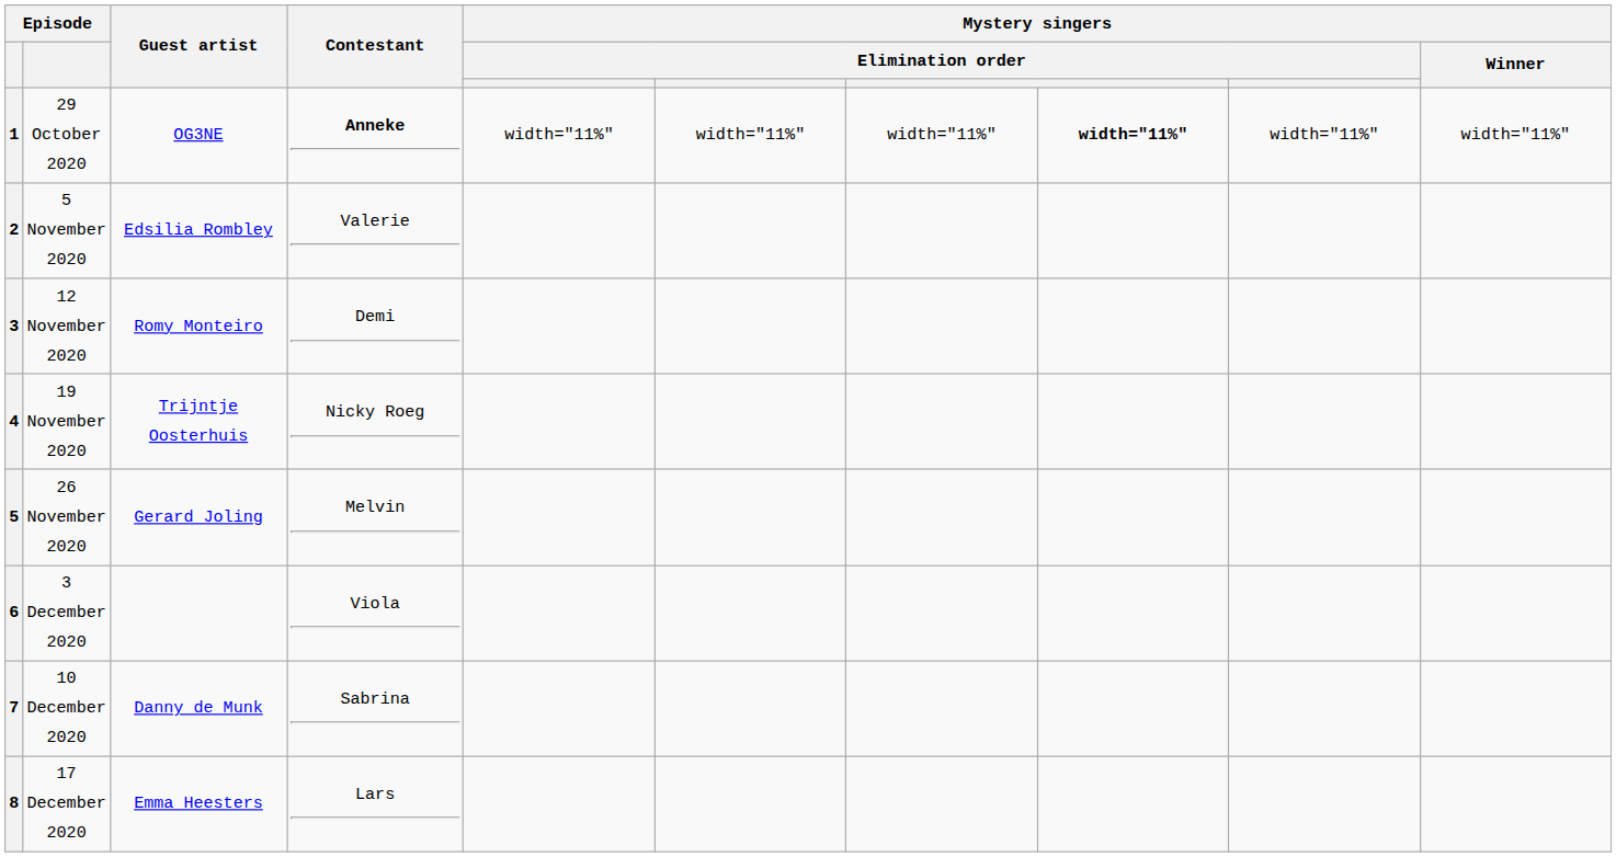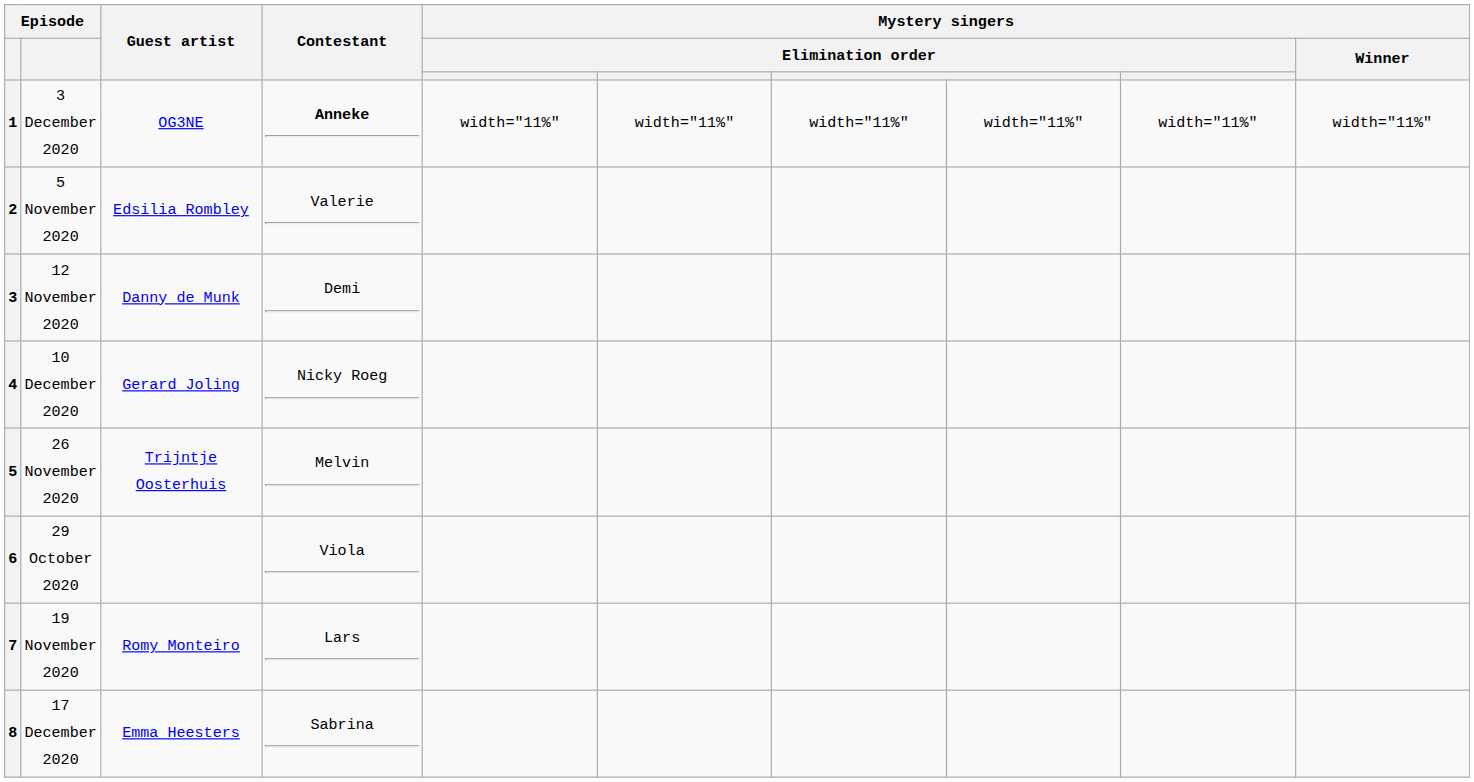 <table class="wikitable plainrowheaders mw-collapsible" style="text-align:center; line-height:23px; width:100%;">
 <tr>
 <th colspan="2" width="1%">Episode</th>
 <th rowspan="3" width="11%">Guest artist</th>
 <th rowspan="3" width="11%">Contestant</th>
 <th colspan="6">Mystery singers<br></th>
 </tr>
 <tr>
 <th rowspan="2"></th>
 <th rowspan="2"></th>
 <th colspan="5">Elimination order</th>
 <th rowspan="2">Winner</th>
 </tr>
 <tr>
 <th></th>
 <th></th>
 <th colspan="2"></th>
 <th></th>
 </tr>
 <tr>
 <th>1</th>
-<td>29 October 2020</td>
+<td>3 December 2020</td>
 <td><a href='#'>OG3NE</a><br></td>
 <td><strong>Anneke<hr></strong></td>
 <td>width="11%" </td>
 <td>width="11%" </td>
 <td>width="11%" </td>
-<td><strong>width="11%" </strong></td>
+<td>width="11%" </td>
 <td>width="11%" </td>
 <td>width="11%" </td>
 </tr>
 <tr>
 <th>2</th>
 <td>5 November 2020</td>
 <td><a href='#'>Edsilia Rombley</a><br></td>
 <td>Valerie<hr></td>
 <td></td>
 <td></td>
 <td></td>
 <td></td>
 <td></td>
 <td></td>
 </tr>
 <tr>
 <th>3</th>
 <td>12 November 2020</td>
-<td><a href='#'>Romy Monteiro</a><br></td>
+<td><a href='#'>Danny de Munk</a><br></td>
 <td>Demi<hr></td>
 <td></td>
 <td></td>
 <td></td>
 <td></td>
 <td></td>
 <td></td>
 </tr>
 <tr>
 <th>4</th>
-<td>19 November 2020</td>
-<td><a href='#'>Trijntje Oosterhuis</a><br></td>
+<td>10 December 2020</td>
+<td><a href='#'>Gerard Joling</a><br></td>
 <td>Nicky Roeg<hr></td>
 <td></td>
 <td></td>
 <td></td>
 <td></td>
 <td></td>
 <td></td>
 </tr>
 <tr>
 <th>5</th>
 <td>26 November 2020</td>
-<td><a href='#'>Gerard Joling</a><br></td>
+<td><a href='#'>Trijntje Oosterhuis</a><br></td>
 <td>Melvin<br><hr></td>
 <td></td>
 <td></td>
 <td></td>
 <td></td>
 <td></td>
 <td></td>
 </tr>
 <tr>
 <th>6</th>
-<td>3 December 2020</td>
+<td>29 October 2020</td>
 <td><br></td>
 <td>Viola<hr></td>
 <td></td>
 <td></td>
 <td></td>
 <td></td>
 <td></td>
 <td></td>
 </tr>
 <tr>
 <th>7</th>
-<td>10 December 2020</td>
-<td><a href='#'>Danny de Munk</a><br></td>
-<td>Sabrina<hr></td>
+<td>19 November 2020</td>
+<td><a href='#'>Romy Monteiro</a><br></td>
+<td>Lars<hr></td>
 <td></td>
 <td></td>
 <td></td>
 <td></td>
 <td></td>
 <td></td>
 </tr>
 <tr>
 <th>8</th>
 <td>17 December 2020</td>
 <td><a href='#'>Emma Heesters</a></td>
-<td>Lars<hr></td>
+<td>Sabrina<hr></td>
 <td></td>
 <td></td>
 <td></td>
 <td></td>
 <td></td>
 <td></td>
 </tr>
 </table>
